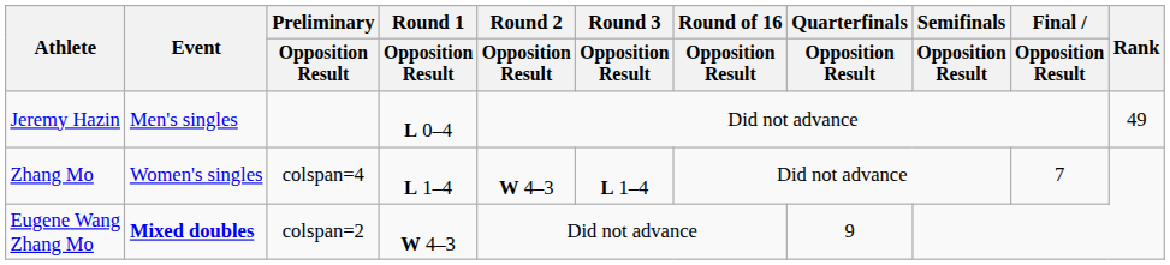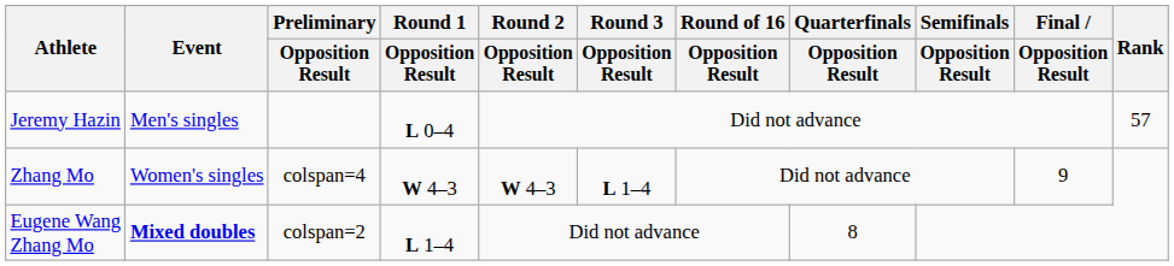 <table class=wikitable style=font-size:90%;text-align:center>
 <tr>
 <th rowspan=2>Athlete</th>
 <th rowspan=2>Event</th>
 <th>Preliminary</th>
 <th>Round 1</th>
 <th>Round 2</th>
 <th>Round 3</th>
 <th>Round of 16</th>
 <th>Quarterfinals</th>
 <th>Semifinals</th>
 <th>Final / </th>
 <th rowspan=2>Rank</th>
 </tr>
 <tr style=font-size:95%>
 <th>Opposition<br>Result</th>
 <th>Opposition<br>Result</th>
 <th>Opposition<br>Result</th>
 <th>Opposition<br>Result</th>
 <th>Opposition<br>Result</th>
 <th>Opposition<br>Result</th>
 <th>Opposition<br>Result</th>
 <th>Opposition<br>Result</th>
 </tr>
 <tr>
 <td align=left><a href='#'>Jeremy Hazin</a></td>
 <td align=left><a href='#'>Men's singles</a></td>
 <td></td>
 <td><br><strong>L</strong> 0–4</td>
 <td colspan=6>Did not advance</td>
-<td>49</td>
+<td>57</td>
 </tr>
 <tr>
 <td align=left><a href='#'>Zhang Mo</a></td>
 <td align=left><a href='#'>Women's singles</a></td>
 <td>colspan=4 </td>
-<td><br><strong>L</strong> 1–4</td>
+<td><br><strong>W</strong> 4–3</td>
 <td><br><strong>W</strong> 4–3</td>
 <td><br><strong>L</strong> 1–4</td>
 <td colspan=3>Did not advance</td>
-<td>7</td>
+<td>9</td>
 </tr>
 <tr>
 <td align=left><a href='#'>Eugene Wang</a><br><a href='#'>Zhang Mo</a></td>
 <td align=left><strong><a href='#'>Mixed doubles</a></strong></td>
 <td>colspan=2 </td>
-<td><br><strong>W</strong> 4–3</td>
+<td><br><strong>L</strong> 1–4</td>
 <td colspan=3>Did not advance</td>
-<td>9</td>
+<td>8</td>
 </tr>
 </table>
